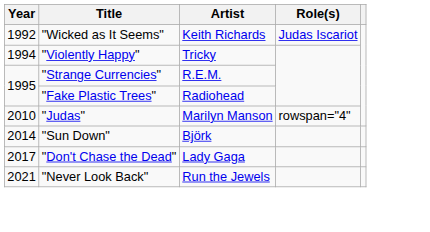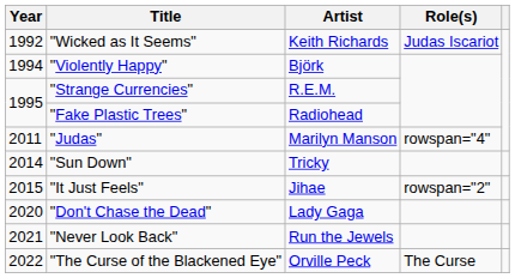 <table class="wikitable sortable">
 <tr>
 <th>Year</th>
 <th>Title</th>
 <th>Artist</th>
 <th>Role(s)</th>
 <th class="unsortable"></th>
 </tr>
 <tr>
 <td>1992</td>
 <td>"Wicked as It Seems"</td>
 <td><a href='#'>Keith Richards</a></td>
 <td><a href='#'>Judas Iscariot</a></td>
 <td rowspan="5"></td>
 </tr>
 <tr>
 <td>1994</td>
 <td>"<a href='#'>Violently Happy</a>"</td>
-<td><a href='#'>Tricky</a></td>
+<td><a href='#'>Björk</a></td>
 </tr>
 <tr>
 <td rowspan="2">1995</td>
 <td>"<a href='#'>Strange Currencies</a>"</td>
 <td><a href='#'>R.E.M.</a></td>
 </tr>
 <tr>
 <td>"<a href='#'>Fake Plastic Trees</a>"</td>
 <td><a href='#'>Radiohead</a></td>
 </tr>
 <tr>
-<td>2010</td>
+<td>2011</td>
 <td>"<a href='#'>Judas</a>"</td>
 <td><a href='#'>Marilyn Manson</a></td>
 <td>rowspan="4" </td>
 </tr>
 <tr>
 <td>2014</td>
 <td>"Sun Down"</td>
-<td><a href='#'>Björk</a></td>
+<td><a href='#'>Tricky</a></td>
 <td></td>
 <td></td>
 </tr>
 <tr>
-<td>2017</td>
+<td>2015</td>
+<td>"It Just Feels"</td>
+<td><a href='#'>Jihae</a></td>
+<td>rowspan="2" </td>
+<td></td>
+</tr>
+<tr>
+<td>2020</td>
 <td>"<a href='#'>Don't Chase the Dead</a>"</td>
 <td><a href='#'>Lady Gaga</a></td>
 <td></td>
 </tr>
 <tr>
 <td>2021</td>
 <td>"Never Look Back"</td>
 <td><a href='#'>Run the Jewels</a></td>
 <td></td>
 <td></td>
 </tr>
+<tr>
+<td>2022</td>
+<td>"The Curse of the Blackened Eye"</td>
+<td><a href='#'>Orville Peck</a></td>
+<td>The Curse</td>
+<td></td>
+</tr>
 </table>
